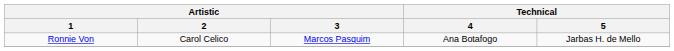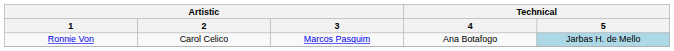 <table class="wikitable" style="font-size:90%; line-height:16px; text-align:center" width="85%">
 <tr>
 <th colspan=3>Artistic</th>
 <th colspan=2>Technical</th>
 </tr>
 <tr>
 <th>1</th>
 <th>2</th>
 <th>3</th>
 <th>4</th>
 <th>5</th>
 </tr>
 <tr>
 <td width=150><a href='#'>Ronnie Von</a></td>
 <td width=150>Carol Celico</td>
 <td width=150><a href='#'>Marcos Pasquim</a></td>
 <td width=150>Ana Botafogo</td>
-<td width=150>Jarbas H. de Mello</td>
+<td width=150 style="background: lightblue;">Jarbas H. de Mello</td>
 </tr>
 <tr>
 </tr>
 </table>
